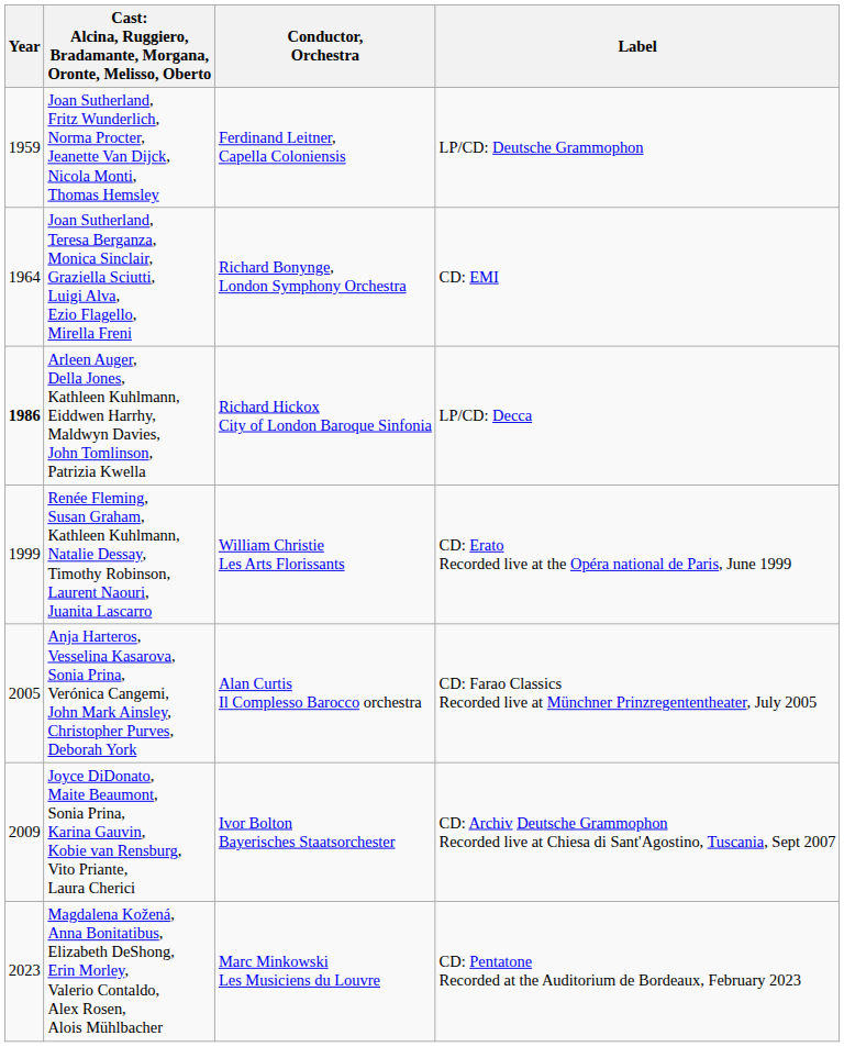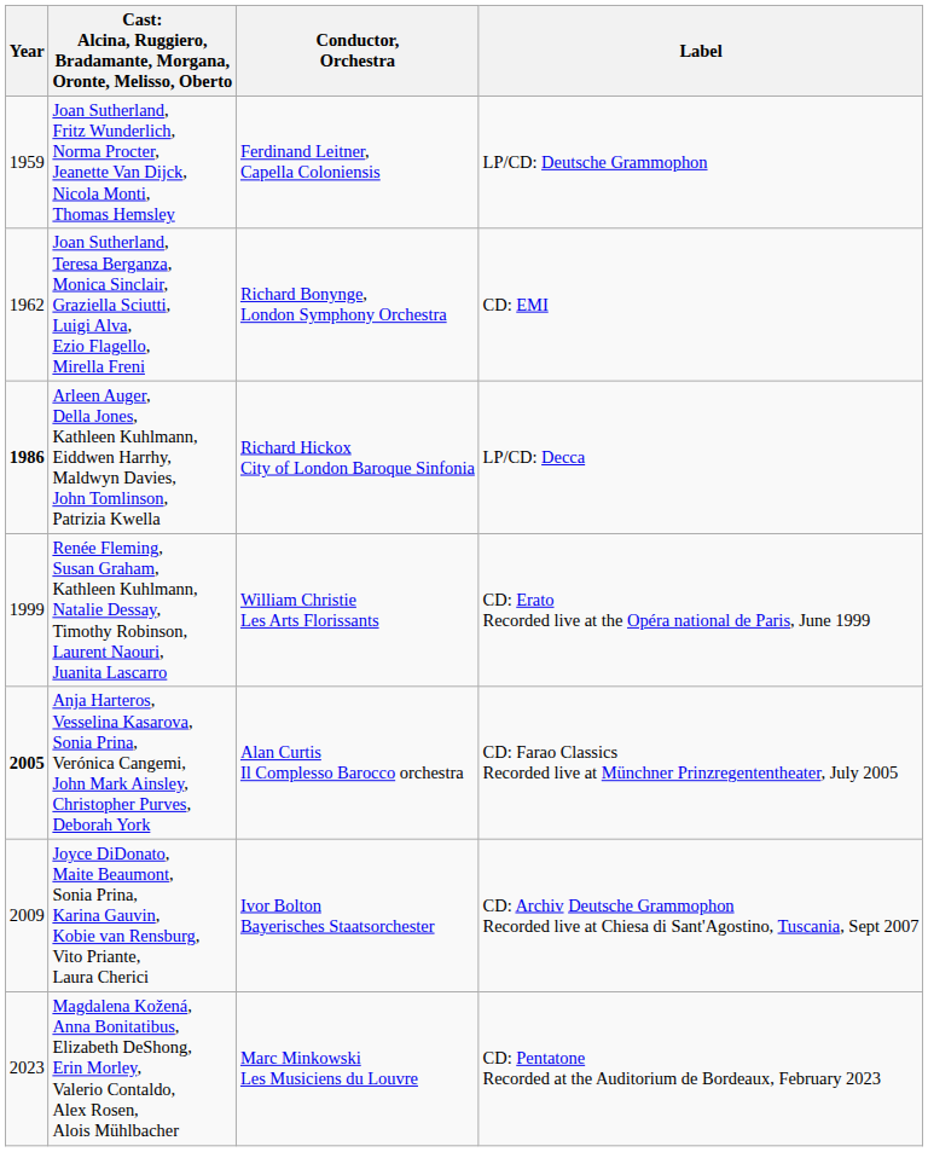 <table class="wikitable" style="font-size:95%;">
 <tr>
 <th>Year</th>
 <th>Cast:<br>Alcina, Ruggiero,<br>Bradamante, Morgana,<br>Oronte, Melisso, Oberto</th>
 <th>Conductor,<br>Orchestra</th>
 <th>Label</th>
 </tr>
 <tr>
 <td>1959</td>
 <td><a href='#'>Joan Sutherland</a>,<br><a href='#'>Fritz Wunderlich</a>,<br><a href='#'>Norma Procter</a>,<br><a href='#'>Jeanette Van Dijck</a>,<br><a href='#'>Nicola Monti</a>,<br><a href='#'>Thomas Hemsley</a><br></td>
 <td><a href='#'>Ferdinand Leitner</a>,<br><a href='#'>Capella Coloniensis</a></td>
 <td>LP/CD: <a href='#'>Deutsche Grammophon</a></td>
 </tr>
 <tr>
-<td>1964</td>
+<td>1962</td>
 <td><a href='#'>Joan Sutherland</a>,<br><a href='#'>Teresa Berganza</a>,<br><a href='#'>Monica Sinclair</a>,<br><a href='#'>Graziella Sciutti</a>,<br><a href='#'>Luigi Alva</a>,<br><a href='#'>Ezio Flagello</a>,<br><a href='#'>Mirella Freni</a></td>
 <td><a href='#'>Richard Bonynge</a>,<br><a href='#'>London Symphony Orchestra</a></td>
 <td>CD: <a href='#'>EMI</a></td>
 </tr>
 <tr>
 <td><strong>1986</strong></td>
 <td><a href='#'>Arleen Auger</a>,<br><a href='#'>Della Jones</a>,<br>Kathleen Kuhlmann,<br>Eiddwen Harrhy,<br>Maldwyn Davies,<br><a href='#'>John Tomlinson</a>,<br>Patrizia Kwella</td>
 <td><a href='#'>Richard Hickox</a><br><a href='#'>City of London Baroque Sinfonia</a></td>
 <td>LP/CD: <a href='#'>Decca</a></td>
 </tr>
 <tr>
 <td>1999</td>
 <td><a href='#'>Renée Fleming</a>,<br><a href='#'>Susan Graham</a>,<br>Kathleen Kuhlmann,<br><a href='#'>Natalie Dessay</a>,<br>Timothy Robinson,<br><a href='#'>Laurent Naouri</a>,<br><a href='#'>Juanita Lascarro</a></td>
 <td><a href='#'>William Christie</a><br><a href='#'>Les Arts Florissants</a></td>
 <td>CD: <a href='#'>Erato</a><br>Recorded live at the <a href='#'>Opéra national de Paris</a>, June 1999</td>
 </tr>
 <tr>
-<td>2005</td>
+<td><strong>2005</strong></td>
 <td><a href='#'>Anja Harteros</a>,<br><a href='#'>Vesselina Kasarova</a>,<br><a href='#'>Sonia Prina</a>,<br>Verónica Cangemi,<br><a href='#'>John Mark Ainsley</a>,<br><a href='#'>Christopher Purves</a>,<br><a href='#'>Deborah York</a></td>
 <td><a href='#'>Alan Curtis</a><br><a href='#'>Il Complesso Barocco</a> orchestra</td>
 <td>CD: Farao Classics<br>Recorded live at <a href='#'>Münchner Prinzregententheater</a>, July 2005</td>
 </tr>
 <tr>
 <td>2009</td>
 <td><a href='#'>Joyce DiDonato</a>,<br><a href='#'>Maite Beaumont</a>,<br>Sonia Prina,<br><a href='#'>Karina Gauvin</a>,<br><a href='#'>Kobie van Rensburg</a>,<br>Vito Priante,<br>Laura Cherici</td>
 <td><a href='#'>Ivor Bolton</a><br><a href='#'>Bayerisches Staatsorchester</a></td>
 <td>CD: <a href='#'>Archiv</a> <a href='#'>Deutsche Grammophon</a><br>Recorded live at Chiesa di Sant'Agostino, <a href='#'>Tuscania</a>, Sept 2007</td>
 </tr>
 <tr>
 <td>2023</td>
 <td><a href='#'>Magdalena Kožená</a>,<br><a href='#'>Anna Bonitatibus</a>,<br>Elizabeth DeShong, <br><a href='#'>Erin Morley</a>,<br>Valerio Contaldo, <br>Alex Rosen,<br>Alois Mühlbacher</td>
 <td><a href='#'>Marc Minkowski</a><br><a href='#'>Les Musiciens du Louvre</a></td>
 <td>CD: <a href='#'>Pentatone</a><br>Recorded at the Auditorium de Bordeaux, February 2023</td>
 </tr>
 </table>
